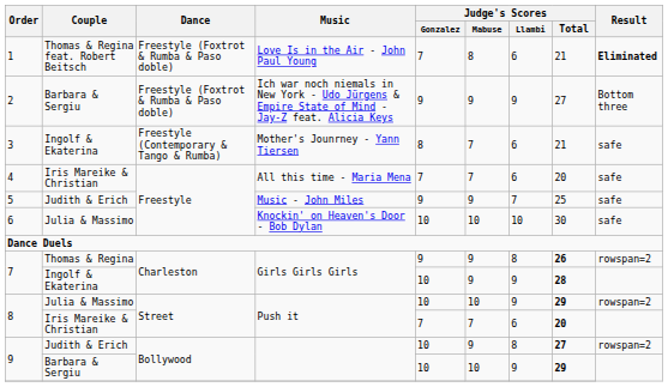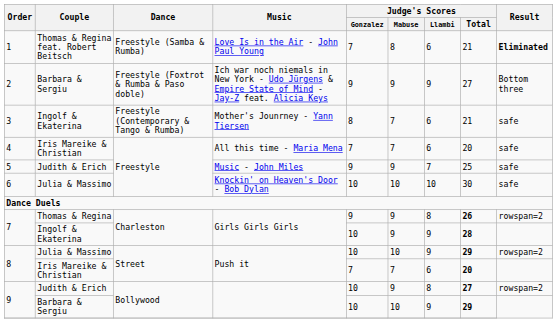 <table class="wikitable sortable center">
 <tr>
 <th rowspan="2" style="width: 4em">Order</th>
 <th rowspan="2" style="width: 17em">Couple</th>
 <th rowspan="2" style="width: 20em">Dance</th>
 <th rowspan="2" style="width: 40em">Music</th>
 <th colspan="4">Judge's Scores</th>
 <th rowspan="2" style="width: 7em">Result</th>
 </tr>
 <tr>
 <th style="width: 6em"><small> Gonzalez</small></th>
 <th style="width: 6em"><small> Mabuse</small></th>
 <th style="width: 6em"><small> Llambi</small></th>
 <th style="width: 6em">Total</th>
 </tr>
 <tr>
 <td>1</td>
 <td>Thomas & Regina feat. Robert Beitsch</td>
-<td>Freestyle (Foxtrot & Rumba & Paso doble)</td>
+<td>Freestyle (Samba & Rumba)</td>
 <td><a href='#'>Love Is in the Air</a> - <a href='#'>John Paul Young</a></td>
 <td>7</td>
 <td>8</td>
 <td>6</td>
 <td>21</td>
 <td><strong>Eliminated</strong></td>
 </tr>
 <tr>
 <td>2</td>
 <td>Barbara & Sergiu</td>
 <td>Freestyle (Foxtrot & Rumba & Paso doble)</td>
 <td>Ich war noch niemals in New York - <a href='#'>Udo Jürgens</a> & <a href='#'>Empire State of Mind</a> - <a href='#'>Jay-Z</a> feat. <a href='#'>Alicia Keys</a></td>
 <td>9</td>
 <td>9</td>
 <td>9</td>
 <td>27</td>
 <td>Bottom three</td>
 </tr>
 <tr>
 <td>3</td>
 <td>Ingolf & Ekaterina</td>
 <td>Freestyle (Contemporary & Tango & Rumba)</td>
 <td>Mother's Jounrney - <a href='#'>Yann Tiersen</a></td>
 <td>8</td>
 <td>7</td>
 <td>6</td>
 <td>21</td>
 <td>safe</td>
 </tr>
 <tr>
 <td>4</td>
 <td>Iris Mareike & Christian</td>
 <td rowspan="3">Freestyle</td>
 <td>All this time - <a href='#'>Maria Mena</a></td>
 <td>7</td>
 <td>7</td>
 <td>6</td>
 <td>20</td>
 <td>safe</td>
 </tr>
 <tr>
 <td>5</td>
 <td>Judith & Erich</td>
 <td><a href='#'>Music</a> - <a href='#'>John Miles</a></td>
 <td>9</td>
 <td>9</td>
 <td>7</td>
 <td>25</td>
 <td>safe</td>
 </tr>
 <tr>
 <td>6</td>
 <td>Julia & Massimo</td>
 <td><a href='#'>Knockin' on Heaven's Door</a> - <a href='#'>Bob Dylan</a></td>
 <td>10</td>
 <td>10</td>
 <td>10</td>
 <td>30</td>
 <td>safe</td>
 </tr>
 <tr>
 <td colspan=9><strong>Dance Duels</strong></td>
 </tr>
 <tr>
 <td rowspan=2>7</td>
 <td>Thomas & Regina</td>
 <td rowspan=2>Charleston</td>
 <td rowspan=2>Girls Girls Girls</td>
 <td>9</td>
 <td>9</td>
 <td>8</td>
 <td><strong>26</strong></td>
 <td>rowspan=2 </td>
 </tr>
 <tr>
 <td>Ingolf & Ekaterina</td>
 <td>10</td>
 <td>9</td>
 <td>9</td>
 <td><strong>28</strong></td>
 </tr>
 <tr>
 <td rowspan=2>8</td>
 <td>Julia & Massimo</td>
 <td rowspan=2>Street</td>
 <td rowspan=2>Push it</td>
 <td>10</td>
 <td>10</td>
 <td>9</td>
 <td><strong>29</strong></td>
 <td>rowspan=2 </td>
 </tr>
 <tr>
 <td>Iris Mareike & Christian</td>
 <td>7</td>
 <td>7</td>
 <td>6</td>
 <td><strong>20</strong></td>
 </tr>
 <tr>
 <td rowspan=2>9</td>
 <td>Judith & Erich</td>
 <td rowspan=2>Bollywood</td>
 <td rowspan=2></td>
 <td>10</td>
 <td>9</td>
 <td>8</td>
 <td><strong>27</strong></td>
 <td>rowspan=2 </td>
 </tr>
 <tr>
 <td>Barbara & Sergiu</td>
 <td>10</td>
 <td>10</td>
 <td>9</td>
 <td><strong>29</strong></td>
 </tr>
 <tr>
 </tr>
 </table>
